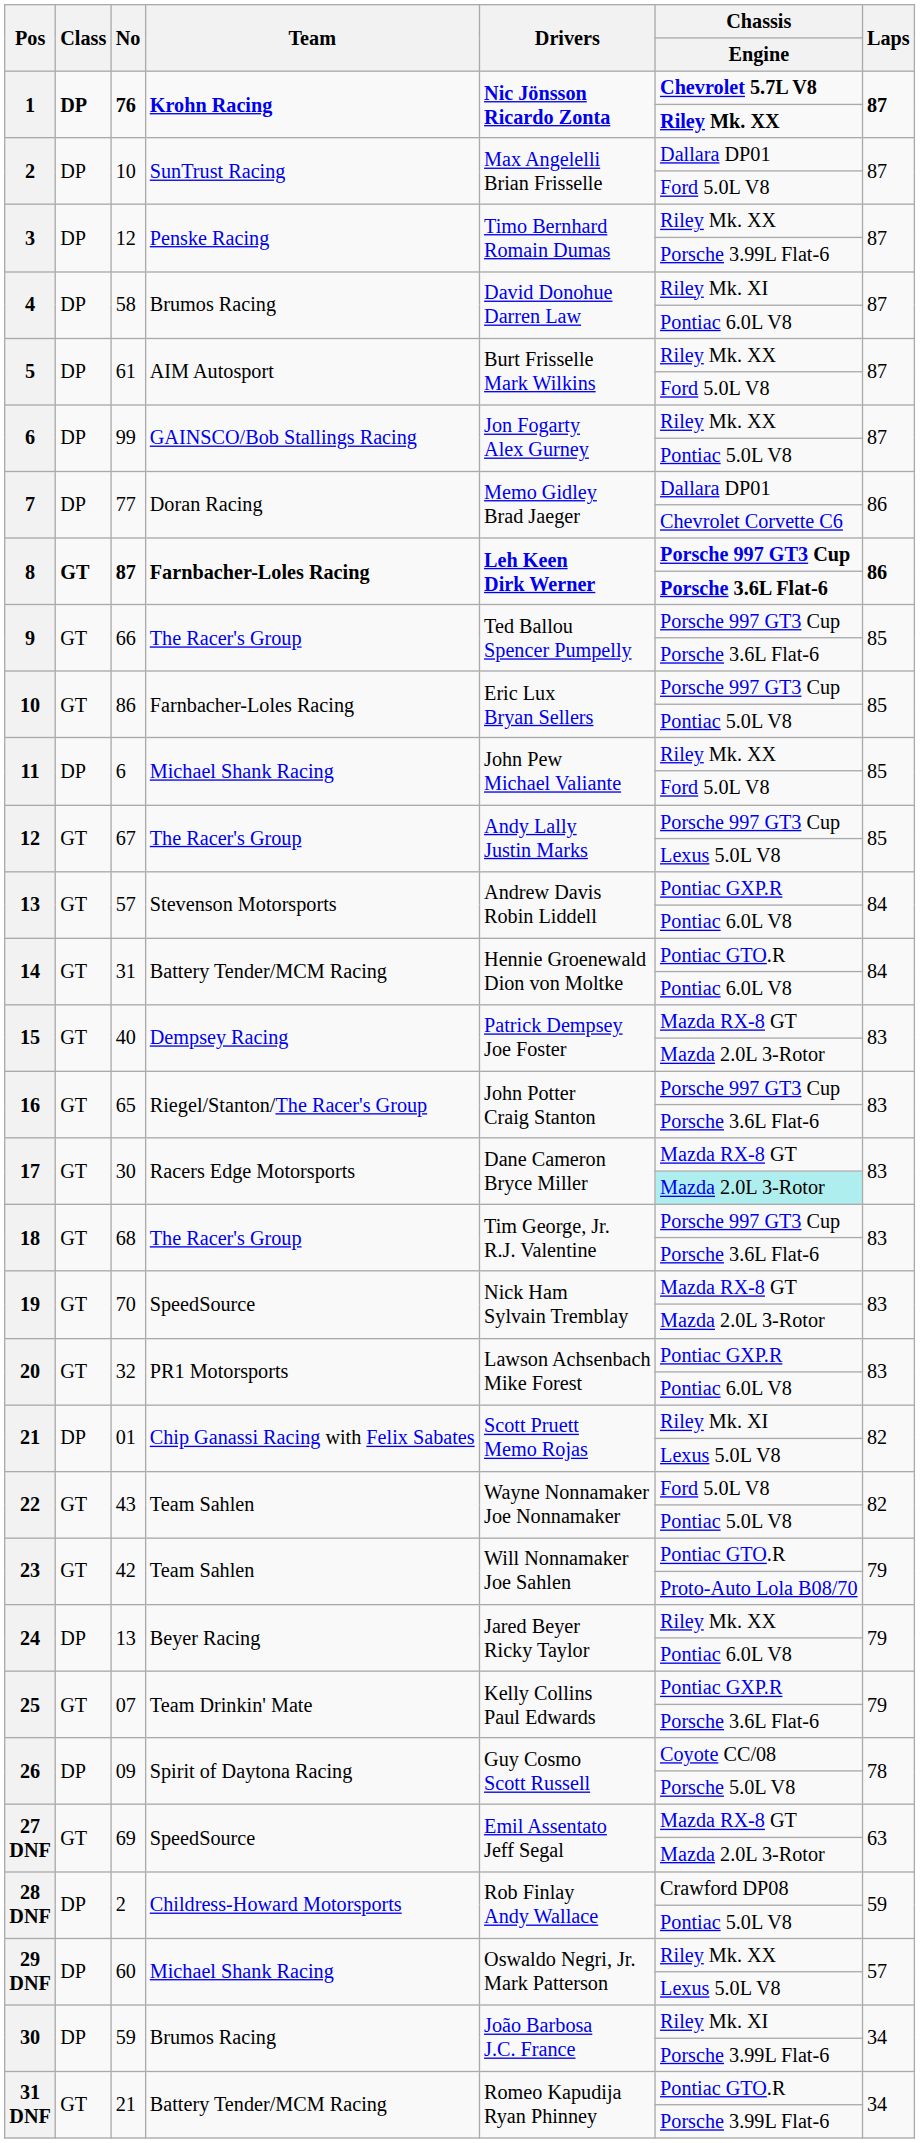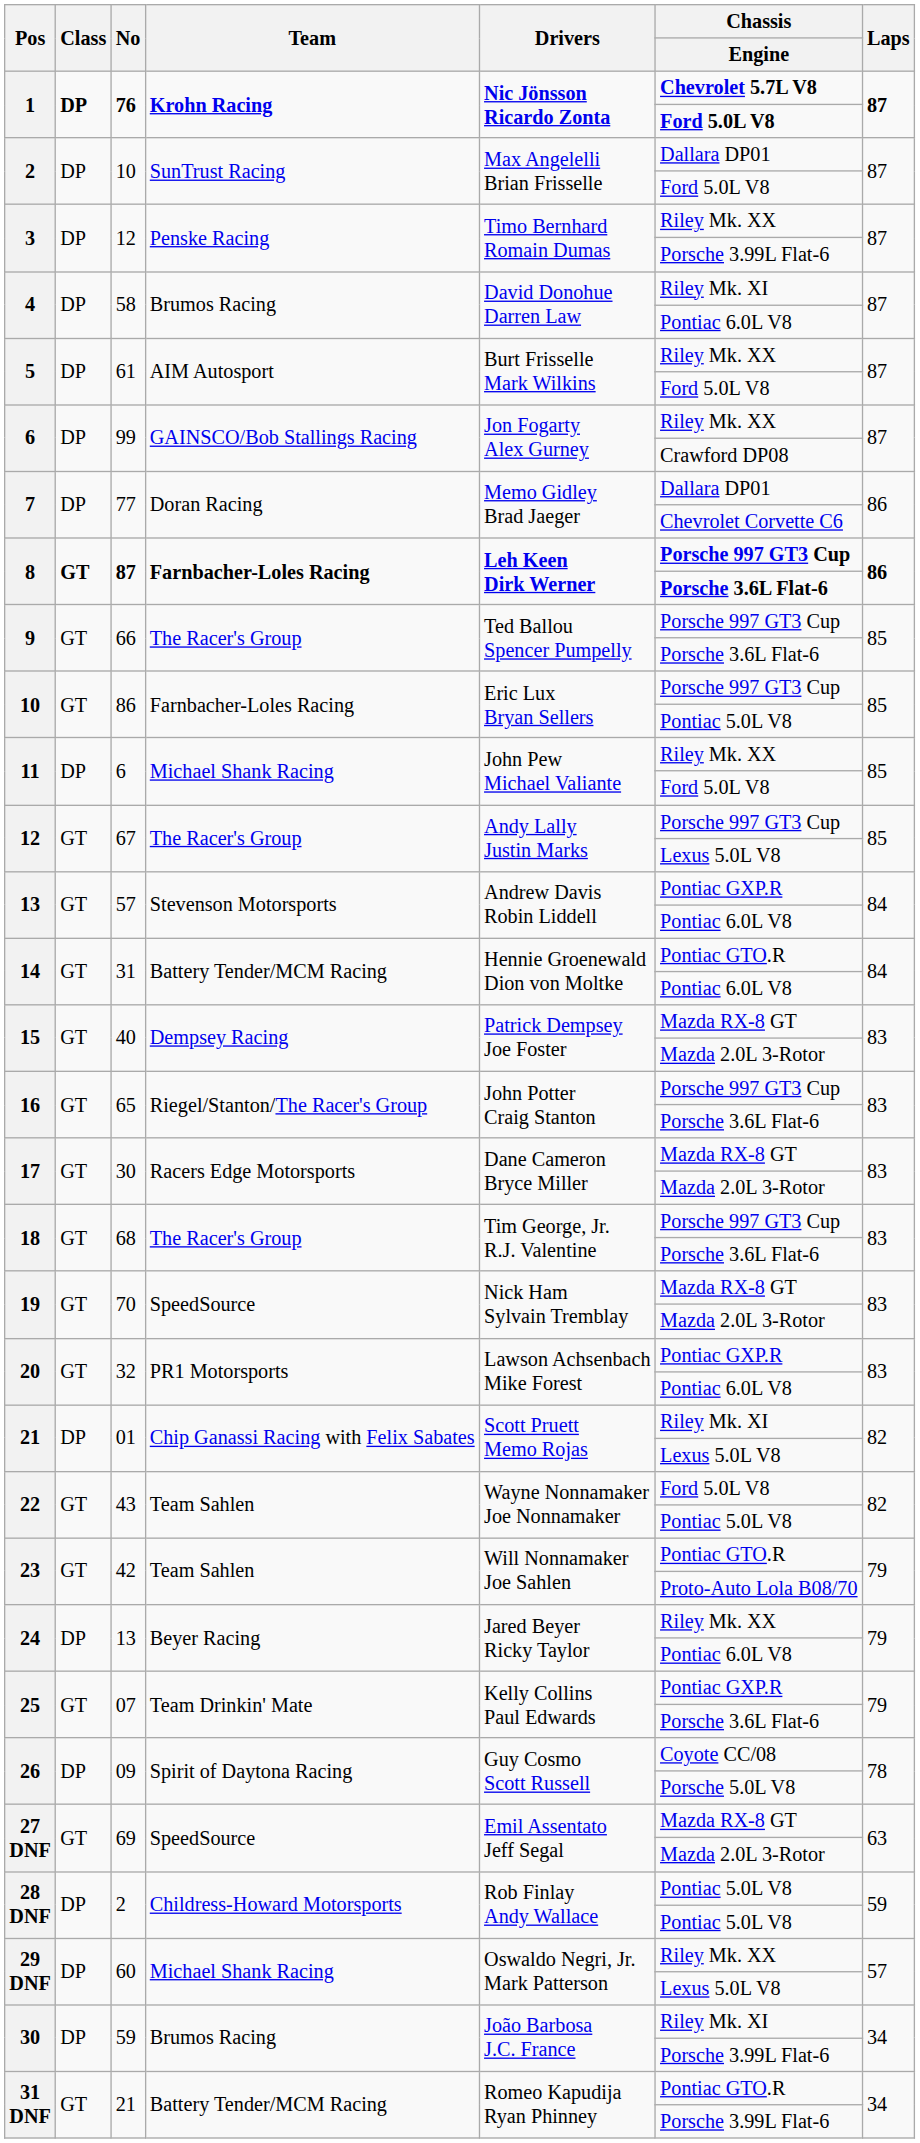 <table class="wikitable" style="font-size: 95%;">
 <tr>
 <th rowspan=2>Pos</th>
 <th rowspan=2>Class</th>
 <th rowspan=2>No</th>
 <th rowspan=2>Team</th>
 <th rowspan=2>Drivers</th>
 <th>Chassis</th>
 <th rowspan=2>Laps</th>
 </tr>
 <tr>
 <th>Engine</th>
 </tr>
 <tr style="font-weight:bold">
 <th rowspan=2>1</th>
 <td rowspan=2>DP</td>
 <td rowspan=2>76</td>
 <td rowspan=2><a href='#'>Krohn Racing</a></td>
 <td rowspan=2> <a href='#'>Nic Jönsson</a><br> <a href='#'>Ricardo Zonta</a></td>
 <td><a href='#'>Chevrolet</a> 5.7L V8</td>
 <td rowspan=2>87</td>
 </tr>
 <tr style="font-weight:bold">
-<td><a href='#'>Riley</a> Mk. XX</td>
+<td><a href='#'>Ford</a> 5.0L V8</td>
 </tr>
 <tr>
 <th rowspan=2>2</th>
 <td rowspan=2>DP</td>
 <td rowspan=2>10</td>
 <td rowspan=2><a href='#'>SunTrust Racing</a></td>
 <td rowspan=2> <a href='#'>Max Angelelli</a><br> Brian Frisselle</td>
 <td><a href='#'>Dallara</a> DP01</td>
 <td rowspan=2>87</td>
 </tr>
 <tr>
 <td><a href='#'>Ford</a> 5.0L V8</td>
 </tr>
 <tr>
 <th rowspan=2>3</th>
 <td rowspan=2>DP</td>
 <td rowspan=2>12</td>
 <td rowspan=2><a href='#'>Penske Racing</a></td>
 <td rowspan=2> <a href='#'>Timo Bernhard</a><br> <a href='#'>Romain Dumas</a></td>
 <td><a href='#'>Riley</a> Mk. XX</td>
 <td rowspan=2>87</td>
 </tr>
 <tr>
 <td><a href='#'>Porsche</a> 3.99L Flat-6</td>
 </tr>
 <tr>
 <th rowspan=2>4</th>
 <td rowspan=2>DP</td>
 <td rowspan=2>58</td>
 <td rowspan=2>Brumos Racing</td>
 <td rowspan=2> <a href='#'>David Donohue</a><br> <a href='#'>Darren Law</a></td>
 <td><a href='#'>Riley</a> Mk. XI</td>
 <td rowspan=2>87</td>
 </tr>
 <tr>
 <td><a href='#'>Pontiac</a> 6.0L V8</td>
 </tr>
 <tr>
 <th rowspan=2>5</th>
 <td rowspan=2>DP</td>
 <td rowspan=2>61</td>
 <td rowspan=2>AIM Autosport</td>
 <td rowspan=2> Burt Frisselle<br> <a href='#'>Mark Wilkins</a></td>
 <td><a href='#'>Riley</a> Mk. XX</td>
 <td rowspan=2>87</td>
 </tr>
 <tr>
 <td><a href='#'>Ford</a> 5.0L V8</td>
 </tr>
 <tr>
 <th rowspan=2>6</th>
 <td rowspan=2>DP</td>
 <td rowspan=2>99</td>
 <td rowspan=2><a href='#'>GAINSCO/Bob Stallings Racing</a></td>
 <td rowspan=2> <a href='#'>Jon Fogarty</a><br> <a href='#'>Alex Gurney</a></td>
 <td><a href='#'>Riley</a> Mk. XX</td>
 <td rowspan=2>87</td>
 </tr>
 <tr>
-<td><a href='#'>Pontiac</a> 5.0L V8</td>
+<td>Crawford DP08</td>
 </tr>
 <tr>
 <th rowspan=2>7</th>
 <td rowspan=2>DP</td>
 <td rowspan=2>77</td>
 <td rowspan=2>Doran Racing</td>
 <td rowspan=2> <a href='#'>Memo Gidley</a><br> Brad Jaeger</td>
 <td><a href='#'>Dallara</a> DP01</td>
 <td rowspan=2>86</td>
 </tr>
 <tr>
 <td><a href='#'>Chevrolet Corvette C6</a></td>
 </tr>
 <tr style="font-weight:bold">
 <th rowspan=2>8</th>
 <td rowspan=2>GT</td>
 <td rowspan=2>87</td>
 <td rowspan=2>Farnbacher-Loles Racing</td>
 <td rowspan=2> <a href='#'>Leh Keen</a><br> <a href='#'>Dirk Werner</a></td>
 <td><a href='#'>Porsche 997 GT3</a> Cup</td>
 <td rowspan=2>86</td>
 </tr>
 <tr style="font-weight:bold">
 <td><a href='#'>Porsche</a> 3.6L Flat-6</td>
 </tr>
 <tr>
 <th rowspan=2>9</th>
 <td rowspan=2>GT</td>
 <td rowspan=2>66</td>
 <td rowspan=2><a href='#'>The Racer's Group</a></td>
 <td rowspan=2> Ted Ballou<br> <a href='#'>Spencer Pumpelly</a></td>
 <td><a href='#'>Porsche 997 GT3</a> Cup</td>
 <td rowspan=2>85</td>
 </tr>
 <tr>
 <td><a href='#'>Porsche</a> 3.6L Flat-6</td>
 </tr>
 <tr>
 <th rowspan=2>10</th>
 <td rowspan=2>GT</td>
 <td rowspan=2>86</td>
 <td rowspan=2>Farnbacher-Loles Racing</td>
 <td rowspan=2> Eric Lux<br> <a href='#'>Bryan Sellers</a></td>
 <td><a href='#'>Porsche 997 GT3</a> Cup</td>
 <td rowspan=2>85</td>
 </tr>
 <tr>
 <td><a href='#'>Pontiac</a> 5.0L V8</td>
 </tr>
 <tr>
 <th rowspan=2>11</th>
 <td rowspan=2>DP</td>
 <td rowspan=2>6</td>
 <td rowspan=2><a href='#'>Michael Shank Racing</a></td>
 <td rowspan=2> John Pew<br> <a href='#'>Michael Valiante</a></td>
 <td><a href='#'>Riley</a> Mk. XX</td>
 <td rowspan=2>85</td>
 </tr>
 <tr>
 <td><a href='#'>Ford</a> 5.0L V8</td>
 </tr>
 <tr>
 <th rowspan=2>12</th>
 <td rowspan=2>GT</td>
 <td rowspan=2>67</td>
 <td rowspan=2><a href='#'>The Racer's Group</a></td>
 <td rowspan=2> <a href='#'>Andy Lally</a><br> <a href='#'>Justin Marks</a></td>
 <td><a href='#'>Porsche 997 GT3</a> Cup</td>
 <td rowspan=2>85</td>
 </tr>
 <tr>
 <td><a href='#'>Lexus</a> 5.0L V8</td>
 </tr>
 <tr>
 <th rowspan=2>13</th>
 <td rowspan=2>GT</td>
 <td rowspan=2>57</td>
 <td rowspan=2>Stevenson Motorsports</td>
 <td rowspan=2> Andrew Davis<br> Robin Liddell</td>
 <td><a href='#'>Pontiac GXP.R</a></td>
 <td rowspan=2>84</td>
 </tr>
 <tr>
 <td><a href='#'>Pontiac</a> 6.0L V8</td>
 </tr>
 <tr>
 <th rowspan=2>14</th>
 <td rowspan=2>GT</td>
 <td rowspan=2>31</td>
 <td rowspan=2>Battery Tender/MCM Racing</td>
 <td rowspan=2> Hennie Groenewald<br> Dion von Moltke</td>
 <td><a href='#'>Pontiac GTO</a>.R</td>
 <td rowspan=2>84</td>
 </tr>
 <tr>
 <td><a href='#'>Pontiac</a> 6.0L V8</td>
 </tr>
 <tr>
 <th rowspan=2>15</th>
 <td rowspan=2>GT</td>
 <td rowspan=2>40</td>
 <td rowspan=2><a href='#'>Dempsey Racing</a></td>
 <td rowspan=2> <a href='#'>Patrick Dempsey</a><br> Joe Foster</td>
 <td><a href='#'>Mazda RX-8</a> GT</td>
 <td rowspan=2>83</td>
 </tr>
 <tr>
 <td><a href='#'>Mazda</a> 2.0L 3-Rotor</td>
 </tr>
 <tr>
 <th rowspan=2>16</th>
 <td rowspan=2>GT</td>
 <td rowspan=2>65</td>
 <td rowspan=2>Riegel/Stanton/<a href='#'>The Racer's Group</a></td>
 <td rowspan=2> John Potter<br> Craig Stanton</td>
 <td><a href='#'>Porsche 997 GT3</a> Cup</td>
 <td rowspan=2>83</td>
 </tr>
 <tr>
 <td><a href='#'>Porsche</a> 3.6L Flat-6</td>
 </tr>
 <tr>
 <th rowspan=2>17</th>
 <td rowspan=2>GT</td>
 <td rowspan=2>30</td>
 <td rowspan=2>Racers Edge Motorsports</td>
 <td rowspan=2> Dane Cameron<br> Bryce Miller</td>
 <td><a href='#'>Mazda RX-8</a> GT</td>
 <td rowspan=2>83</td>
 </tr>
 <tr>
-<td style="background: paleturquoise;"><a href='#'>Mazda</a> 2.0L 3-Rotor</td>
+<td><a href='#'>Mazda</a> 2.0L 3-Rotor</td>
 </tr>
 <tr>
 <th rowspan=2>18</th>
 <td rowspan=2>GT</td>
 <td rowspan=2>68</td>
 <td rowspan=2><a href='#'>The Racer's Group</a></td>
 <td rowspan=2> Tim George, Jr.<br> R.J. Valentine</td>
 <td><a href='#'>Porsche 997 GT3</a> Cup</td>
 <td rowspan=2>83</td>
 </tr>
 <tr>
 <td><a href='#'>Porsche</a> 3.6L Flat-6</td>
 </tr>
 <tr>
 <th rowspan=2>19</th>
 <td rowspan=2>GT</td>
 <td rowspan=2>70</td>
 <td rowspan=2>SpeedSource</td>
 <td rowspan=2> Nick Ham<br> Sylvain Tremblay</td>
 <td><a href='#'>Mazda RX-8</a> GT</td>
 <td rowspan=2>83</td>
 </tr>
 <tr>
 <td><a href='#'>Mazda</a> 2.0L 3-Rotor</td>
 </tr>
 <tr>
 <th rowspan=2>20</th>
 <td rowspan=2>GT</td>
 <td rowspan=2>32</td>
 <td rowspan=2>PR1 Motorsports</td>
 <td rowspan=2> Lawson Achsenbach<br> Mike Forest</td>
 <td><a href='#'>Pontiac GXP.R</a></td>
 <td rowspan=2>83</td>
 </tr>
 <tr>
 <td><a href='#'>Pontiac</a> 6.0L V8</td>
 </tr>
 <tr>
 <th rowspan=2>21</th>
 <td rowspan=2>DP</td>
 <td rowspan=2>01</td>
 <td rowspan=2><a href='#'>Chip Ganassi Racing</a> with <a href='#'>Felix Sabates</a></td>
 <td rowspan=2> <a href='#'>Scott Pruett</a><br> <a href='#'>Memo Rojas</a></td>
 <td><a href='#'>Riley</a> Mk. XI</td>
 <td rowspan=2>82</td>
 </tr>
 <tr>
 <td><a href='#'>Lexus</a> 5.0L V8</td>
 </tr>
 <tr>
 <th rowspan=2>22</th>
 <td rowspan=2>GT</td>
 <td rowspan=2>43</td>
 <td rowspan=2>Team Sahlen</td>
 <td rowspan=2> Wayne Nonnamaker<br> Joe Nonnamaker</td>
 <td><a href='#'>Ford</a> 5.0L V8</td>
 <td rowspan=2>82</td>
 </tr>
 <tr>
 <td><a href='#'>Pontiac</a> 5.0L V8</td>
 </tr>
 <tr>
 <th rowspan=2>23</th>
 <td rowspan=2>GT</td>
 <td rowspan=2>42</td>
 <td rowspan=2>Team Sahlen</td>
 <td rowspan=2> Will Nonnamaker<br> Joe Sahlen</td>
 <td><a href='#'>Pontiac GTO</a>.R</td>
 <td rowspan=2>79</td>
 </tr>
 <tr>
 <td><a href='#'>Proto-Auto Lola B08/70</a></td>
 </tr>
 <tr>
 <th rowspan=2>24</th>
 <td rowspan=2>DP</td>
 <td rowspan=2>13</td>
 <td rowspan=2>Beyer Racing</td>
 <td rowspan=2> Jared Beyer<br> Ricky Taylor</td>
 <td><a href='#'>Riley</a> Mk. XX</td>
 <td rowspan=2>79</td>
 </tr>
 <tr>
 <td><a href='#'>Pontiac</a> 6.0L V8</td>
 </tr>
 <tr>
 <th rowspan=2>25</th>
 <td rowspan=2>GT</td>
 <td rowspan=2>07</td>
 <td rowspan=2>Team Drinkin' Mate</td>
 <td rowspan=2> Kelly Collins<br> Paul Edwards</td>
 <td><a href='#'>Pontiac GXP.R</a></td>
 <td rowspan=2>79</td>
 </tr>
 <tr>
 <td><a href='#'>Porsche</a> 3.6L Flat-6</td>
 </tr>
 <tr>
 <th rowspan=2>26</th>
 <td rowspan=2>DP</td>
 <td rowspan=2>09</td>
 <td rowspan=2>Spirit of Daytona Racing</td>
 <td rowspan=2> Guy Cosmo<br> <a href='#'>Scott Russell</a></td>
 <td><a href='#'>Coyote</a> CC/08</td>
 <td rowspan=2>78</td>
 </tr>
 <tr>
 <td><a href='#'>Porsche</a> 5.0L V8</td>
 </tr>
 <tr>
 <th rowspan=2>27<br>DNF</th>
 <td rowspan=2>GT</td>
 <td rowspan=2>69</td>
 <td rowspan=2>SpeedSource</td>
 <td rowspan=2> <a href='#'>Emil Assentato</a><br> Jeff Segal</td>
 <td><a href='#'>Mazda RX-8</a> GT</td>
 <td rowspan=2>63</td>
 </tr>
 <tr>
 <td><a href='#'>Mazda</a> 2.0L 3-Rotor</td>
 </tr>
 <tr>
 <th rowspan=2>28<br>DNF</th>
 <td rowspan=2>DP</td>
 <td rowspan=2>2</td>
 <td rowspan=2><a href='#'>Childress-Howard Motorsports</a></td>
 <td rowspan=2> Rob Finlay<br> <a href='#'>Andy Wallace</a></td>
-<td>Crawford DP08</td>
+<td><a href='#'>Pontiac</a> 5.0L V8</td>
 <td rowspan=2>59</td>
 </tr>
 <tr>
 <td><a href='#'>Pontiac</a> 5.0L V8</td>
 </tr>
 <tr>
 <th rowspan=2>29<br>DNF</th>
 <td rowspan=2>DP</td>
 <td rowspan=2>60</td>
 <td rowspan=2><a href='#'>Michael Shank Racing</a></td>
 <td rowspan=2> Oswaldo Negri, Jr.<br> Mark Patterson</td>
 <td><a href='#'>Riley</a> Mk. XX</td>
 <td rowspan=2>57</td>
 </tr>
 <tr>
 <td><a href='#'>Lexus</a> 5.0L V8</td>
 </tr>
 <tr>
 <th rowspan=2>30</th>
 <td rowspan=2>DP</td>
 <td rowspan=2>59</td>
 <td rowspan=2>Brumos Racing</td>
 <td rowspan=2> <a href='#'>João Barbosa</a><br> <a href='#'>J.C. France</a></td>
 <td><a href='#'>Riley</a> Mk. XI</td>
 <td rowspan=2>34</td>
 </tr>
 <tr>
 <td><a href='#'>Porsche</a> 3.99L Flat-6</td>
 </tr>
 <tr>
 <th rowspan=2>31<br>DNF</th>
 <td rowspan=2>GT</td>
 <td rowspan=2>21</td>
 <td rowspan=2>Battery Tender/MCM Racing</td>
 <td rowspan=2> Romeo Kapudija<br> Ryan Phinney</td>
 <td><a href='#'>Pontiac GTO</a>.R</td>
 <td rowspan=2>34</td>
 </tr>
 <tr>
 <td><a href='#'>Porsche</a> 3.99L Flat-6</td>
 </tr>
 </table>
